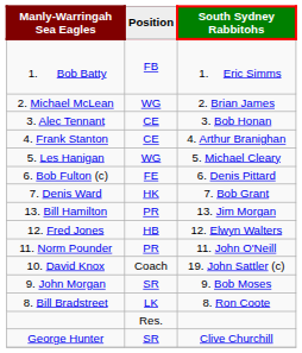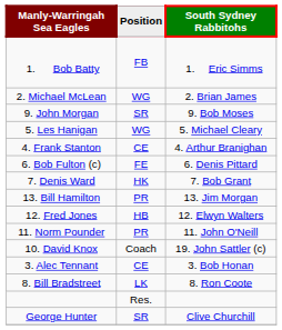 <table align="right" class="wikitable" style="font-size:90%; margin-left:1em">
 <tr bgcolor="#FF0033">
 <th style="width:140px; border:3px solid maroon; background: maroon; color: white">Manly-Warringah Sea Eagles</th>
 <th style="width:40px; text-align:center; background:#eee; color:black;">Position</th>
 <th style="width:140px; border:3px solid red; background: green; color: white">South Sydney Rabbitohs</th>
 </tr>
 <tr align=center>
 <td><br><ol><li><a href='#'>Bob Batty</a></li></ol></td>
 <td><a href='#'>FB</a></td>
 <td><br><ol><li><a href='#'>Eric Simms</a></li></ol></td>
 </tr>
 <tr align=center>
 <td>2. <a href='#'>Michael McLean</a></td>
 <td><a href='#'>WG</a></td>
 <td>2. <a href='#'>Brian James</a></td>
 </tr>
 <tr align=center>
-<td>3. <a href='#'>Alec Tennant</a></td>
-<td><a href='#'>CE</a></td>
-<td>3. <a href='#'>Bob Honan</a></td>
+<td>9. <a href='#'>John Morgan</a></td>
+<td><a href='#'>SR</a></td>
+<td>9. <a href='#'>Bob Moses</a></td>
+</tr>
+<tr align=center>
+<td>5. <a href='#'>Les Hanigan</a></td>
+<td><a href='#'>WG</a></td>
+<td>5. <a href='#'>Michael Cleary</a></td>
 </tr>
 <tr align=center>
 <td>4. <a href='#'>Frank Stanton</a></td>
 <td><a href='#'>CE</a></td>
 <td>4. <a href='#'>Arthur Branighan</a></td>
-</tr>
-<tr align=center>
-<td>5. <a href='#'>Les Hanigan</a></td>
-<td><a href='#'>WG</a></td>
-<td>5. <a href='#'>Michael Cleary</a></td>
 </tr>
 <tr align=center>
 <td>6. <a href='#'>Bob Fulton</a> (c)</td>
 <td><a href='#'>FE</a></td>
 <td>6. <a href='#'>Denis Pittard</a></td>
 </tr>
 <tr align=center>
 <td>7. <a href='#'>Denis Ward</a></td>
 <td><a href='#'>HK</a></td>
 <td>7. <a href='#'>Bob Grant</a></td>
 </tr>
 <tr align=center>
 <td>13. <a href='#'>Bill Hamilton</a></td>
 <td><a href='#'>PR</a></td>
 <td>13. <a href='#'>Jim Morgan</a></td>
 </tr>
 <tr align=center>
 <td>12. <a href='#'>Fred Jones</a></td>
 <td><a href='#'>HB</a></td>
 <td>12. <a href='#'>Elwyn Walters</a></td>
 </tr>
 <tr align=center>
 <td>11. <a href='#'>Norm Pounder</a></td>
 <td><a href='#'>PR</a></td>
 <td>11. <a href='#'>John O'Neill</a></td>
 </tr>
 <tr align=center>
 <td>10. <a href='#'>David Knox</a></td>
 <td>Coach</td>
 <td>19. <a href='#'>John Sattler</a> (c)</td>
 </tr>
 <tr align=center>
-<td>9. <a href='#'>John Morgan</a></td>
-<td><a href='#'>SR</a></td>
-<td>9. <a href='#'>Bob Moses</a></td>
+<td>3. <a href='#'>Alec Tennant</a></td>
+<td><a href='#'>CE</a></td>
+<td>3. <a href='#'>Bob Honan</a></td>
 </tr>
 <tr align=center>
 <td>8. <a href='#'>Bill Bradstreet</a></td>
 <td><a href='#'>LK</a></td>
 <td>8. <a href='#'>Ron Coote</a></td>
 </tr>
 <tr align=center>
 <td></td>
 <td>Res.</td>
 <td></td>
 </tr>
 <tr align=center>
 <td><a href='#'>George Hunter</a></td>
 <td><a href='#'>SR</a></td>
 <td><a href='#'>Clive Churchill</a></td>
 </tr>
 <tr>
 </tr>
 </table>
